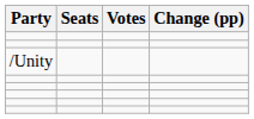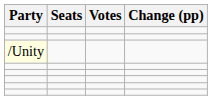 <table class="wikitable" style="text-align:right;">
 <tr>
 <th>Party</th>
 <th>Seats</th>
 <th>Votes</th>
 <th colspan="3">Change (pp)</th>
 </tr>
 <tr>
 <td style="text-align:left;"></td>
 <td></td>
 <td></td>
 <td></td>
 </tr>
 <tr>
 <td style="text-align:left;"></td>
 <td></td>
 <td></td>
 <td></td>
 </tr>
 <tr>
-<td style="text-align:left;">/Unity</td>
+<td style="background: lightyellow; text-align:left;">/Unity</td>
 <td></td>
 <td></td>
 <td></td>
 </tr>
 <tr>
 <td style="text-align:left;"></td>
 <td></td>
 <td></td>
 <td></td>
 </tr>
 <tr>
 <td style="text-align:left;"></td>
 <td></td>
 <td></td>
 <td></td>
 </tr>
 <tr>
 <td style="text-align:left;"></td>
 <td></td>
 <td></td>
 <td></td>
 </tr>
 <tr>
 <td style="text-align:left;"></td>
 <td></td>
 <td></td>
 <td></td>
 </tr>
 <tr>
 <td style="text-align:left;"></td>
 <td></td>
 <td></td>
 <td></td>
 </tr>
 </table>
